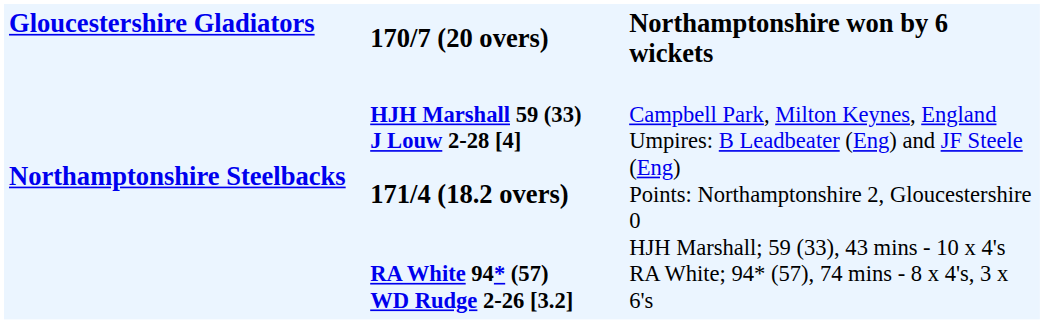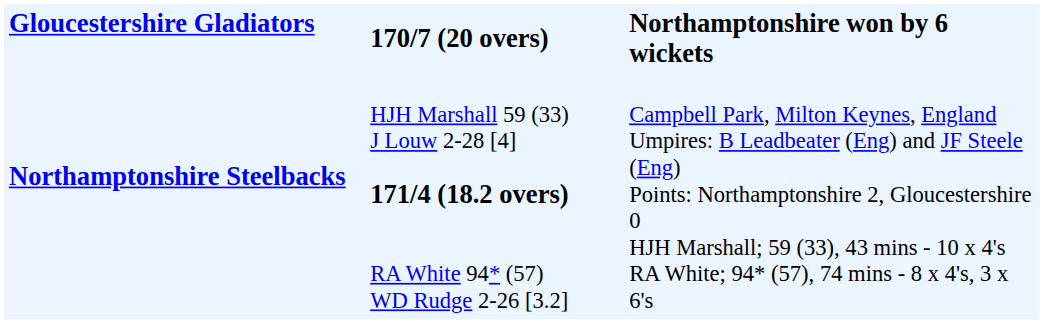 <table style="width:100%; background:#ebf5ff;">
 <tr>
 <td style="width:35%; vertical-align:top;" rowspan="2"><strong><a href='#'>Gloucestershire Gladiators</a></strong></td>
 <td style="width:25%;"><strong>170/7 (20 overs)</strong></td>
 <td style="width:40%;"><strong>Northamptonshire won by 6 wickets</strong></td>
 </tr>
 <tr>
-<td style="font-size: 85%;"><strong><br><a href='#'>HJH Marshall</a> 59 (33)<br> <a href='#'>J Louw</a> 2-28 [4]</strong></td>
+<td style="font-size: 85%;"><br><a href='#'>HJH Marshall</a> 59 (33)<br> <a href='#'>J Louw</a> 2-28 [4]</td>
 <td style="vertical-align:top; font-size:85%;" rowspan="3"><br><a href='#'>Campbell Park</a>, <a href='#'>Milton Keynes</a>, <a href='#'>England</a><br> Umpires: <a href='#'>B Leadbeater</a> (<a href='#'>Eng</a>) and <a href='#'>JF Steele</a> (<a href='#'>Eng</a>)<br> Points: Northamptonshire 2, Gloucestershire 0<br>HJH Marshall; 59 (33), 43 mins - 10 x 4's<br> RA White; 94* (57), 74 mins - 8 x 4's, 3 x 6's</td>
 </tr>
 <tr>
 <td style="vertical-align:top;" rowspan="2"><strong><a href='#'>Northamptonshire Steelbacks</a></strong></td>
 <td><strong>171/4 (18.2 overs)</strong></td>
 </tr>
 <tr>
-<td style="font-size: 85%;"><strong><br><a href='#'>RA White</a> 94<a href='#'>*</a> (57)<br> <a href='#'>WD Rudge</a> 2-26 [3.2]</strong></td>
+<td style="font-size: 85%;"><br><a href='#'>RA White</a> 94<a href='#'>*</a> (57)<br> <a href='#'>WD Rudge</a> 2-26 [3.2]</td>
 </tr>
 </table>
